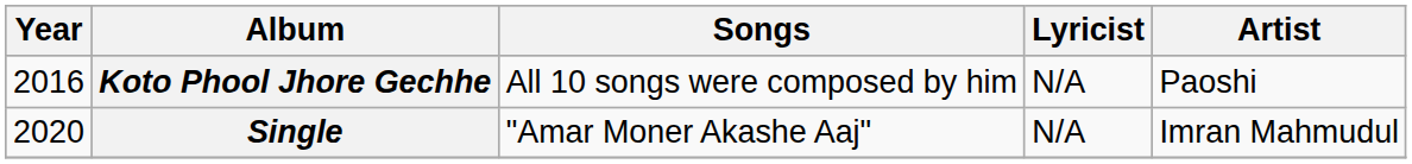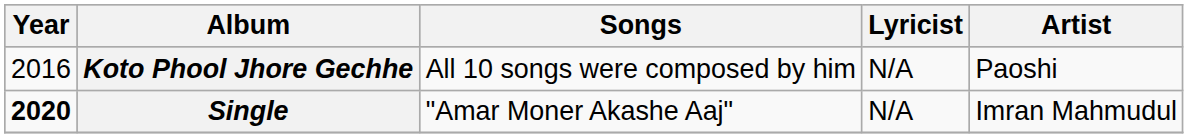 <table class="wikitable sortable">
 <tr>
 <th>Year</th>
 <th>Album</th>
 <th>Songs</th>
 <th>Lyricist</th>
 <th>Artist</th>
 </tr>
 <tr>
 <td>2016</td>
 <th><em>Koto Phool Jhore Gechhe</em> </th>
 <td>All 10 songs were composed by him</td>
 <td>N/A</td>
 <td>Paoshi</td>
 </tr>
 <tr>
-<td>2020</td>
+<td><strong>2020</strong></td>
 <th><em>Single</em></th>
 <td>"Amar Moner Akashe Aaj"</td>
 <td>N/A</td>
 <td>Imran Mahmudul</td>
 </tr>
 <tr>
 </tr>
 </table>
